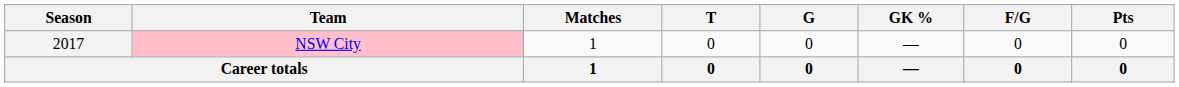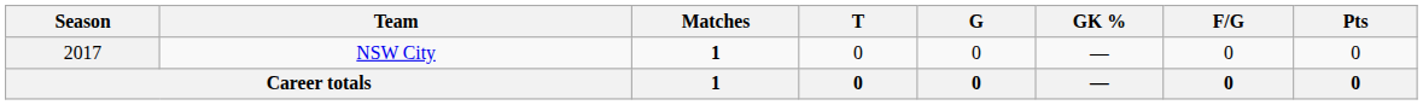 <table class="wikitable sortable"  style="font-size:90%; text-align:center; width:85%;">
 <tr>
 <th width=2%>Season</th>
 <th width=8%>Team</th>
 <th width=2%>Matches</th>
 <th width=2%>T</th>
 <th width=2%>G</th>
 <th width=2%>GK %</th>
 <th width=2%>F/G</th>
 <th width=2%>Pts</th>
 </tr>
 <tr>
 <th scope="row" style="text-align:center; font-weight:normal">2017</th>
-<td style="background: pink; text-align:center;"> <a href='#'>NSW City</a></td>
-<td>1</td>
+<td style="text-align:center;"> <a href='#'>NSW City</a></td>
+<td><strong>1</strong></td>
 <td>0</td>
 <td>0</td>
 <td>—</td>
 <td>0</td>
 <td>0</td>
 </tr>
 <tr class="sortbottom">
 <th colspan=2>Career totals</th>
 <th>1</th>
 <th>0</th>
 <th>0</th>
 <th>—</th>
 <th>0</th>
 <th>0</th>
 </tr>
 </table>
